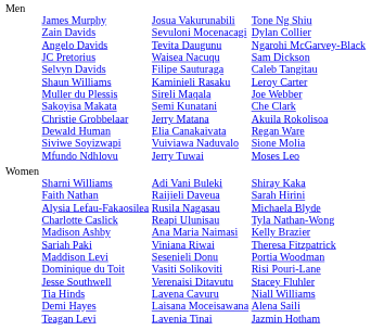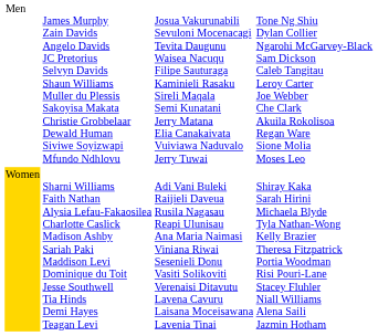 <table>
 <tr valign="top">
 <td>Men<br></td>
 <td><br><a href='#'>James Murphy</a><br><a href='#'>Zain Davids</a><br><a href='#'>Angelo Davids</a><br><a href='#'>JC Pretorius</a><br><a href='#'>Selvyn Davids</a><br><a href='#'>Shaun Williams</a><br><a href='#'>Muller du Plessis</a><br><a href='#'>Sakoyisa Makata</a><br><a href='#'>Christie Grobbelaar</a><br><a href='#'>Dewald Human</a><br><a href='#'>Siviwe Soyizwapi</a><br><a href='#'>Mfundo Ndhlovu</a></td>
 <td><br><a href='#'>Josua Vakurunabili</a><br><a href='#'>Sevuloni Mocenacagi</a><br><a href='#'>Tevita Daugunu</a><br><a href='#'>Waisea Nacuqu</a><br><a href='#'>Filipe Sauturaga</a><br><a href='#'>Kaminieli Rasaku</a><br><a href='#'>Sireli Maqala</a><br><a href='#'>Semi Kunatani</a><br><a href='#'>Jerry Matana</a><br><a href='#'>Elia Canakaivata</a><br><a href='#'>Vuiviawa Naduvalo</a><br><a href='#'>Jerry Tuwai</a></td>
 <td><br><a href='#'>Tone Ng Shiu</a><br><a href='#'>Dylan Collier</a><br><a href='#'>Ngarohi McGarvey-Black</a><br><a href='#'>Sam Dickson</a><br><a href='#'>Caleb Tangitau</a><br><a href='#'>Leroy Carter</a><br><a href='#'>Joe Webber</a><br><a href='#'>Che Clark</a><br><a href='#'>Akuila Rokolisoa</a><br><a href='#'>Regan Ware</a><br><a href='#'>Sione Molia</a><br><a href='#'>Moses Leo</a></td>
 </tr>
 <tr valign="top">
-<td>Women<br></td>
+<td style="background: gold;">Women<br></td>
 <td><br><a href='#'>Sharni Williams</a><br><a href='#'>Faith Nathan</a><br><a href='#'>Alysia Lefau-Fakaosilea</a><br><a href='#'>Charlotte Caslick</a><br><a href='#'>Madison Ashby</a><br><a href='#'>Sariah Paki</a><br><a href='#'>Maddison Levi</a><br><a href='#'>Dominique du Toit</a><br><a href='#'>Jesse Southwell</a><br><a href='#'>Tia Hinds</a><br><a href='#'>Demi Hayes</a><br><a href='#'>Teagan Levi</a></td>
 <td><br><a href='#'>Adi Vani Buleki</a><br><a href='#'>Raijieli Daveua</a><br><a href='#'>Rusila Nagasau</a><br><a href='#'>Reapi Ulunisau</a><br><a href='#'>Ana Maria Naimasi</a><br><a href='#'>Viniana Riwai</a><br><a href='#'>Sesenieli Donu</a><br><a href='#'>Vasiti Solikoviti</a><br><a href='#'>Verenaisi Ditavutu</a><br><a href='#'>Lavena Cavuru</a><br><a href='#'>Laisana Moceisawana</a><br><a href='#'>Lavenia Tinai</a></td>
 <td><br><a href='#'>Shiray Kaka</a><br><a href='#'>Sarah Hirini</a><br><a href='#'>Michaela Blyde</a><br><a href='#'>Tyla Nathan-Wong</a><br><a href='#'>Kelly Brazier</a><br><a href='#'>Theresa Fitzpatrick</a><br><a href='#'>Portia Woodman</a><br><a href='#'>Risi Pouri-Lane</a><br><a href='#'>Stacey Fluhler</a><br><a href='#'>Niall Williams</a><br><a href='#'>Alena Saili</a><br><a href='#'>Jazmin Hotham</a></td>
 </tr>
 </table>
